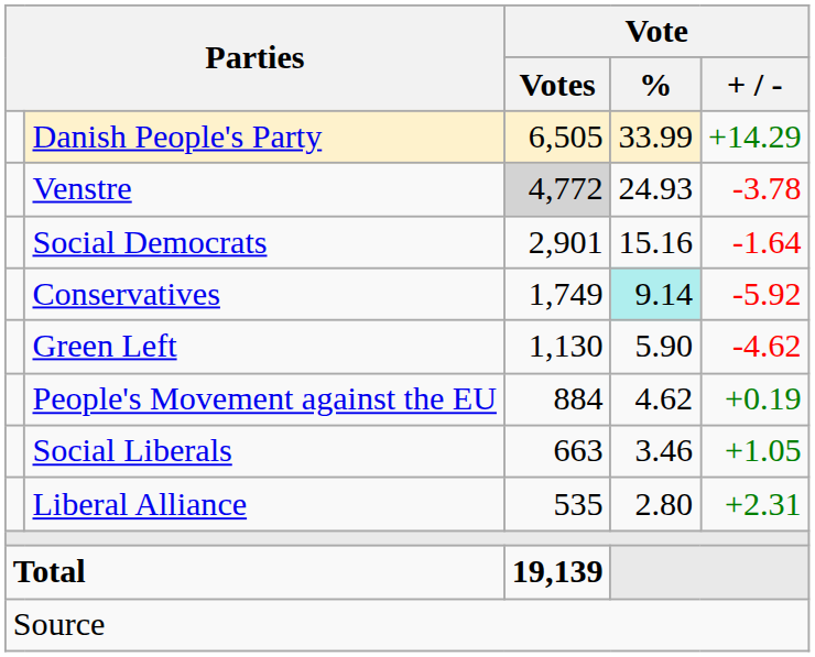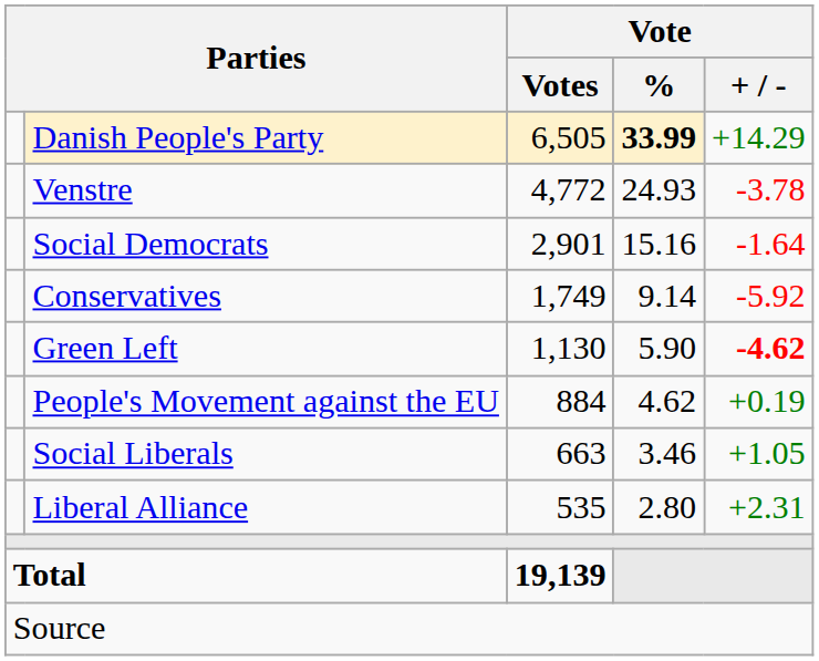 <table class="wikitable" style="text-align:right;">
 <tr>
 <th style="text-align:centre;" rowspan="2" colspan="2" width="225">Parties</th>
 <th colspan="3">Vote</th>
 </tr>
 <tr>
 <th width="15">Votes</th>
 <th width="15">%</th>
 <th width="15">+ / -</th>
 </tr>
 <tr>
 <td width="2" style="color:inherit;background:"></td>
 <td bgcolor=#fef2cc   align="left"><a href='#'>Danish People's Party</a></td>
 <td bgcolor=#fef2cc>6,505</td>
-<td bgcolor=#fef2cc>33.99</td>
+<td bgcolor=#fef2cc><strong>33.99</strong></td>
 <td style=color:green;>+14.29</td>
 </tr>
 <tr>
 <td width="2" style="color:inherit;background:"></td>
 <td align="left"><a href='#'>Venstre</a></td>
-<td style="background: lightgrey;">4,772</td>
+<td>4,772</td>
 <td>24.93</td>
 <td style=color:red;>-3.78</td>
 </tr>
 <tr>
 <td width="2" style="color:inherit;background:"></td>
 <td align="left"><a href='#'>Social Democrats</a></td>
 <td>2,901</td>
 <td>15.16</td>
 <td style=color:red;>-1.64</td>
 </tr>
 <tr>
 <td width="2" style="color:inherit;background:"></td>
 <td align="left"><a href='#'>Conservatives</a></td>
 <td>1,749</td>
-<td style="background: paleturquoise;">9.14</td>
+<td>9.14</td>
 <td style=color:red;>-5.92</td>
 </tr>
 <tr>
 <td width="2" style="color:inherit;background:"></td>
 <td align="left"><a href='#'>Green Left</a></td>
 <td>1,130</td>
 <td>5.90</td>
-<td style=color:red;>-4.62</td>
+<td style=color:red;><strong>-4.62</strong></td>
 </tr>
 <tr>
 <td width="2" style="color:inherit;background:"></td>
 <td align="left"><a href='#'>People's Movement against the EU</a></td>
 <td>884</td>
 <td>4.62</td>
 <td style=color:green;>+0.19</td>
 </tr>
 <tr>
 <td width="2" style="color:inherit;background:"></td>
 <td align="left"><a href='#'>Social Liberals</a></td>
 <td>663</td>
 <td>3.46</td>
 <td style=color:green;>+1.05</td>
 </tr>
 <tr>
 <td width="2" style="color:inherit;background:"></td>
 <td align="left"><a href='#'>Liberal Alliance</a></td>
 <td>535</td>
 <td>2.80</td>
 <td style=color:green;>+2.31</td>
 </tr>
 <tr>
 <td colspan="7" bgcolor="#E9E9E9"></td>
 </tr>
 <tr>
 <td align="left" colspan="2"><strong>Total</strong></td>
 <td><strong>19,139</strong></td>
 <td bgcolor="#E9E9E9" colspan="2"></td>
 </tr>
 <tr>
 <td align="left" colspan="6">Source</td>
 </tr>
 </table>
